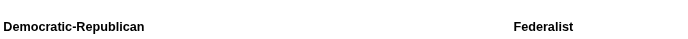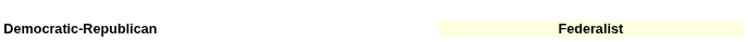 <table style="width:60%; text-align:center">
 <tr style="color:white">
 <td style="background:"><strong>118</strong></td>
 <td style="background:"><strong>64</strong></td>
 </tr>
 <tr>
 <td><span><strong>Democratic-Republican</strong></span></td>
-<td><span><strong>Federalist</strong></span></td>
+<td style="background: lightyellow;"><span><strong>Federalist</strong></span></td>
 </tr>
 </table>
